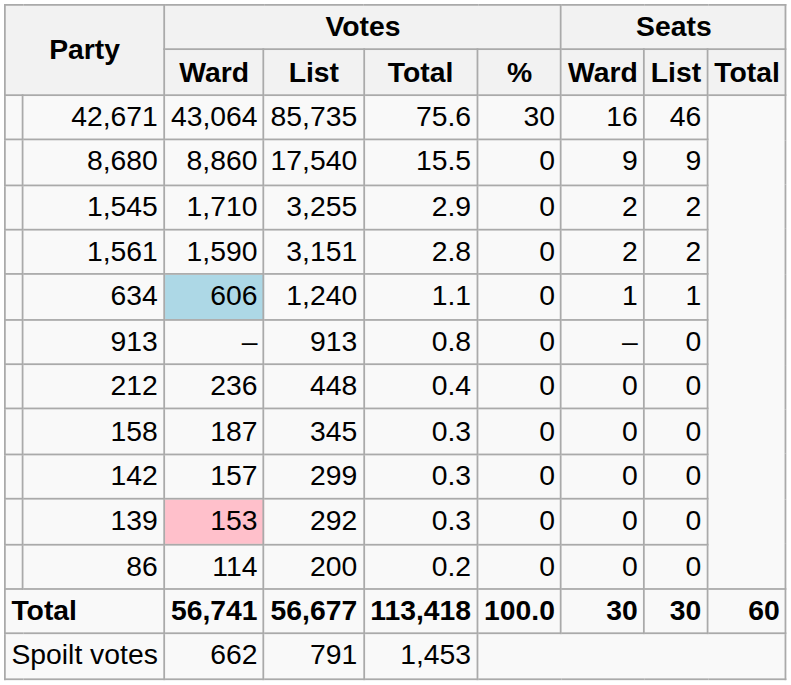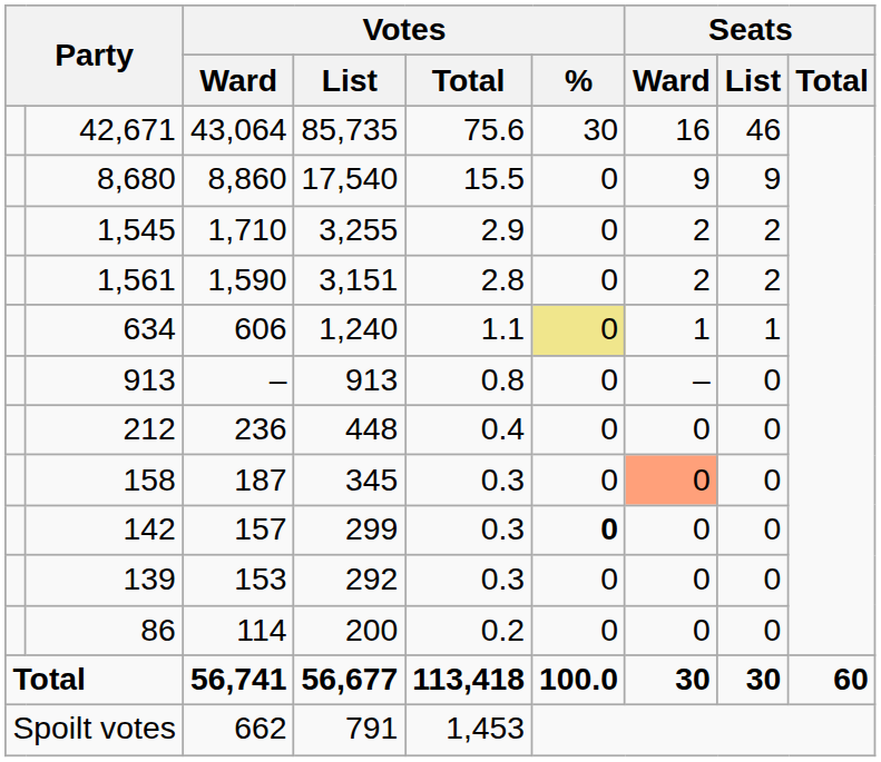 <table class=wikitable style="text-align:right">
 <tr>
 <th rowspan="2" colspan="2">Party</th>
 <th colspan="4" align="center">Votes</th>
 <th colspan="3" align="center">Seats</th>
 </tr>
 <tr>
 <th>Ward</th>
 <th>List</th>
 <th>Total</th>
 <th>%</th>
 <th>Ward</th>
 <th>List</th>
 <th>Total</th>
 </tr>
 <tr>
 <td></td>
 <td>42,671</td>
 <td>43,064</td>
 <td>85,735</td>
 <td>75.6</td>
 <td>30</td>
 <td>16</td>
 <td>46</td>
 </tr>
 <tr>
 <td></td>
 <td>8,680</td>
 <td>8,860</td>
 <td>17,540</td>
 <td>15.5</td>
 <td>0</td>
 <td>9</td>
 <td>9</td>
 </tr>
 <tr>
 <td></td>
 <td>1,545</td>
 <td>1,710</td>
 <td>3,255</td>
 <td>2.9</td>
 <td>0</td>
 <td>2</td>
 <td>2</td>
 </tr>
 <tr>
 <td></td>
 <td>1,561</td>
 <td>1,590</td>
 <td>3,151</td>
 <td>2.8</td>
 <td>0</td>
 <td>2</td>
 <td>2</td>
 </tr>
 <tr>
 <td></td>
 <td>634</td>
-<td style="background: lightblue;">606</td>
+<td>606</td>
 <td>1,240</td>
 <td>1.1</td>
-<td>0</td>
+<td style="background: khaki;">0</td>
 <td>1</td>
 <td>1</td>
 </tr>
 <tr>
 <td></td>
 <td>913</td>
 <td>–</td>
 <td>913</td>
 <td>0.8</td>
 <td>0</td>
 <td>–</td>
 <td>0</td>
 </tr>
 <tr>
 <td></td>
 <td>212</td>
 <td>236</td>
 <td>448</td>
 <td>0.4</td>
 <td>0</td>
 <td>0</td>
 <td>0</td>
 </tr>
 <tr>
 <td></td>
 <td>158</td>
 <td>187</td>
 <td>345</td>
 <td>0.3</td>
 <td>0</td>
-<td>0</td>
+<td style="background: lightsalmon;">0</td>
 <td>0</td>
 </tr>
 <tr>
 <td></td>
 <td>142</td>
 <td>157</td>
 <td>299</td>
 <td>0.3</td>
-<td>0</td>
+<td><strong>0</strong></td>
 <td>0</td>
 <td>0</td>
 </tr>
 <tr>
 <td></td>
 <td>139</td>
-<td style="background: pink;">153</td>
+<td>153</td>
 <td>292</td>
 <td>0.3</td>
 <td>0</td>
 <td>0</td>
 <td>0</td>
 </tr>
 <tr>
 <td></td>
 <td>86</td>
 <td>114</td>
 <td>200</td>
 <td>0.2</td>
 <td>0</td>
 <td>0</td>
 <td>0</td>
 </tr>
 <tr>
 <td colspan="2" style="text-align:left"><strong>Total</strong></td>
 <td><strong>56,741</strong></td>
 <td><strong>56,677</strong></td>
 <td><strong>113,418</strong></td>
 <td><strong>100.0</strong></td>
 <td><strong>30</strong></td>
 <td><strong>30</strong></td>
 <td><strong>60</strong></td>
 </tr>
 <tr>
 <td colspan="2" style="text-align:left">Spoilt votes</td>
 <td>662</td>
 <td>791</td>
 <td>1,453</td>
 </tr>
 </table>
